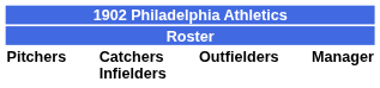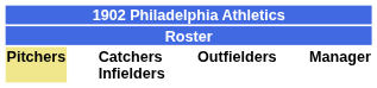 <table class="toccolours" style="font-size: 95%;">
 <tr>
 <th colspan="10" style="background-color: #4169e1; color: white; text-align: center;">1902 Philadelphia Athletics</th>
 </tr>
 <tr>
 <td colspan="10" style="background-color: #4169e1; color: white; text-align: center;"><strong>Roster</strong></td>
 </tr>
 <tr>
-<td valign="top"><strong>Pitchers</strong><br>            </td>
+<td valign="top" style="background: khaki;"><strong>Pitchers</strong><br>            </td>
 <td width="25px"></td>
 <td valign="top"><strong>Catchers</strong><br>   <strong>Infielders</strong>       </td>
 <td width="25px"></td>
 <td valign="top"><strong>Outfielders</strong><br>   </td>
 <td width="25px"></td>
 <td valign="top"><strong>Manager</strong><br></td>
 </tr>
 </table>
